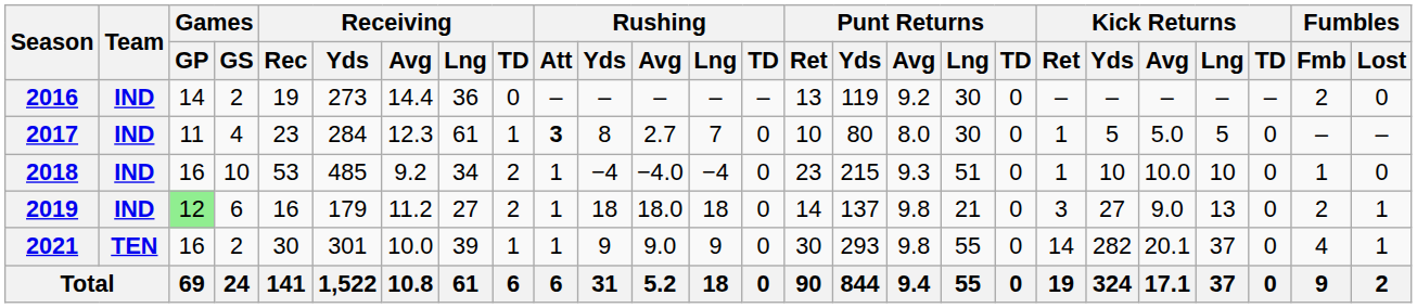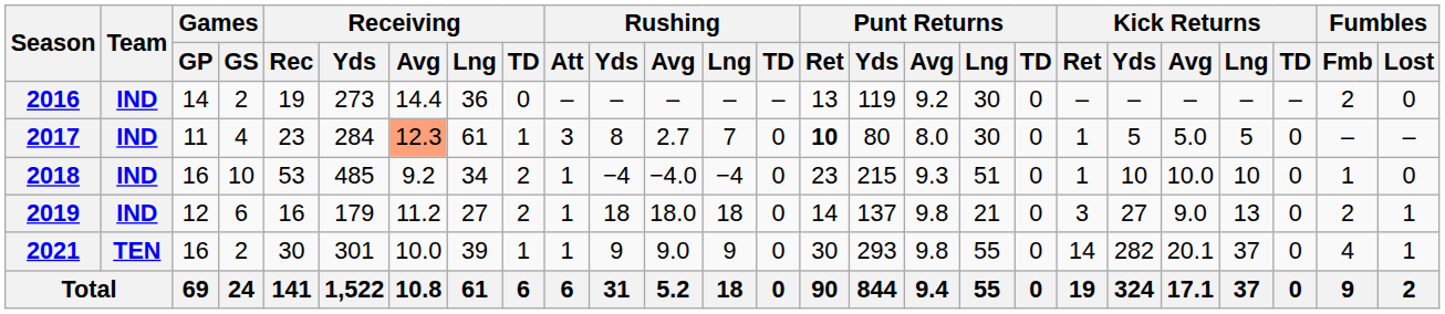 <table class=wikitable style="text-align:center;">
 <tr>
 <th rowspan=2>Season</th>
 <th rowspan=2>Team</th>
 <th colspan=2>Games</th>
 <th colspan=5>Receiving</th>
 <th colspan=5>Rushing</th>
 <th colspan=5>Punt Returns</th>
 <th colspan=5>Kick Returns</th>
 <th colspan=2>Fumbles</th>
 </tr>
 <tr>
 <th>GP</th>
 <th>GS</th>
 <th>Rec</th>
 <th>Yds</th>
 <th>Avg</th>
 <th>Lng</th>
 <th>TD</th>
 <th>Att</th>
 <th>Yds</th>
 <th>Avg</th>
 <th>Lng</th>
 <th>TD</th>
 <th>Ret</th>
 <th>Yds</th>
 <th>Avg</th>
 <th>Lng</th>
 <th>TD</th>
 <th>Ret</th>
 <th>Yds</th>
 <th>Avg</th>
 <th>Lng</th>
 <th>TD</th>
 <th>Fmb</th>
 <th>Lost</th>
 </tr>
 <tr>
 <th><a href='#'>2016</a></th>
 <th><a href='#'>IND</a></th>
 <td>14</td>
 <td>2</td>
 <td>19</td>
 <td>273</td>
 <td>14.4</td>
 <td>36</td>
 <td>0</td>
 <td>–</td>
 <td>–</td>
 <td>–</td>
 <td>–</td>
 <td>–</td>
 <td>13</td>
 <td>119</td>
 <td>9.2</td>
 <td>30</td>
 <td>0</td>
 <td>–</td>
 <td>–</td>
 <td>–</td>
 <td>–</td>
 <td>–</td>
 <td>2</td>
 <td>0</td>
 </tr>
 <tr>
 <th><a href='#'>2017</a></th>
 <th><a href='#'>IND</a></th>
 <td>11</td>
 <td>4</td>
 <td>23</td>
 <td>284</td>
-<td>12.3</td>
+<td style="background: lightsalmon;">12.3</td>
 <td>61</td>
 <td>1</td>
-<td><strong>3</strong></td>
+<td>3</td>
 <td>8</td>
 <td>2.7</td>
 <td>7</td>
 <td>0</td>
-<td>10</td>
+<td><strong>10</strong></td>
 <td>80</td>
 <td>8.0</td>
 <td>30</td>
 <td>0</td>
 <td>1</td>
 <td>5</td>
 <td>5.0</td>
 <td>5</td>
 <td>0</td>
 <td>–</td>
 <td>–</td>
 </tr>
 <tr>
 <th><a href='#'>2018</a></th>
 <th><a href='#'>IND</a></th>
 <td>16</td>
 <td>10</td>
 <td>53</td>
 <td>485</td>
 <td>9.2</td>
 <td>34</td>
 <td>2</td>
 <td>1</td>
 <td>−4</td>
 <td>−4.0</td>
 <td>−4</td>
 <td>0</td>
 <td>23</td>
 <td>215</td>
 <td>9.3</td>
 <td>51</td>
 <td>0</td>
 <td>1</td>
 <td>10</td>
 <td>10.0</td>
 <td>10</td>
 <td>0</td>
 <td>1</td>
 <td>0</td>
 </tr>
 <tr>
 <th><a href='#'>2019</a></th>
 <th><a href='#'>IND</a></th>
-<td style="background: lightgreen;">12</td>
+<td>12</td>
 <td>6</td>
 <td>16</td>
 <td>179</td>
 <td>11.2</td>
 <td>27</td>
 <td>2</td>
 <td>1</td>
 <td>18</td>
 <td>18.0</td>
 <td>18</td>
 <td>0</td>
 <td>14</td>
 <td>137</td>
 <td>9.8</td>
 <td>21</td>
 <td>0</td>
 <td>3</td>
 <td>27</td>
 <td>9.0</td>
 <td>13</td>
 <td>0</td>
 <td>2</td>
 <td>1</td>
 </tr>
 <tr>
 <th><a href='#'>2021</a></th>
 <th><a href='#'>TEN</a></th>
 <td>16</td>
 <td>2</td>
 <td>30</td>
 <td>301</td>
 <td>10.0</td>
 <td>39</td>
 <td>1</td>
 <td>1</td>
 <td>9</td>
 <td>9.0</td>
 <td>9</td>
 <td>0</td>
 <td>30</td>
 <td>293</td>
 <td>9.8</td>
 <td>55</td>
 <td>0</td>
 <td>14</td>
 <td>282</td>
 <td>20.1</td>
 <td>37</td>
 <td>0</td>
 <td>4</td>
 <td>1</td>
 </tr>
 <tr>
 <th colspan="2">Total</th>
 <th>69</th>
 <th>24</th>
 <th>141</th>
 <th>1,522</th>
 <th>10.8</th>
 <th>61</th>
 <th>6</th>
 <th>6</th>
 <th>31</th>
 <th>5.2</th>
 <th>18</th>
 <th>0</th>
 <th>90</th>
 <th>844</th>
 <th>9.4</th>
 <th>55</th>
 <th>0</th>
 <th>19</th>
 <th>324</th>
 <th>17.1</th>
 <th>37</th>
 <th>0</th>
 <th>9</th>
 <th>2</th>
 </tr>
 </table>
